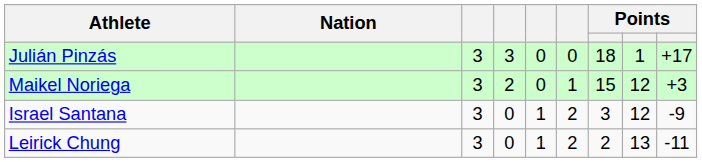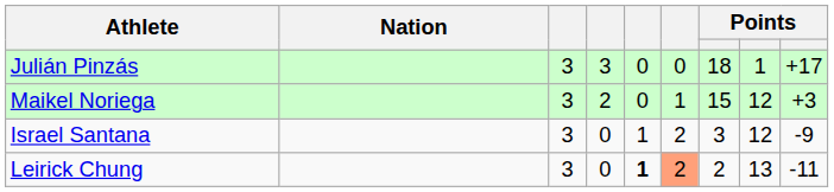 <table class="wikitable" style="text-align: center; font-size:100% ">
 <tr>
 <th rowspan=2 width=250>Athlete</th>
 <th rowspan=2 width=250>Nation</th>
 <th rowspan=2 width=25></th>
 <th rowspan=2 width=25></th>
 <th rowspan=2 width=25></th>
 <th rowspan=2 width=25></th>
 <th colspan=3>Points</th>
 </tr>
 <tr>
 <th width=25></th>
 <th width=25></th>
 <th width=25></th>
 </tr>
 <tr bgcolor="ccffcc">
 <td align=left><a href='#'>Julián Pinzás</a></td>
 <td align=left></td>
 <td>3</td>
 <td>3</td>
 <td>0</td>
 <td>0</td>
 <td>18</td>
 <td>1</td>
 <td>+17</td>
 </tr>
 <tr bgcolor="ccffcc">
 <td align=left><a href='#'>Maikel Noriega</a></td>
 <td align=left></td>
 <td>3</td>
 <td>2</td>
 <td>0</td>
 <td>1</td>
 <td>15</td>
 <td>12</td>
 <td>+3</td>
 </tr>
 <tr>
 <td align=left><a href='#'>Israel Santana</a></td>
 <td align=left></td>
 <td>3</td>
 <td>0</td>
 <td>1</td>
 <td>2</td>
 <td>3</td>
 <td>12</td>
 <td>-9</td>
 </tr>
 <tr>
 <td align=left><a href='#'>Leirick Chung</a></td>
 <td align=left></td>
 <td>3</td>
 <td>0</td>
-<td>1</td>
-<td>2</td>
+<td><strong>1</strong></td>
+<td style="background: lightsalmon;">2</td>
 <td>2</td>
 <td>13</td>
 <td>-11</td>
 </tr>
 </table>
